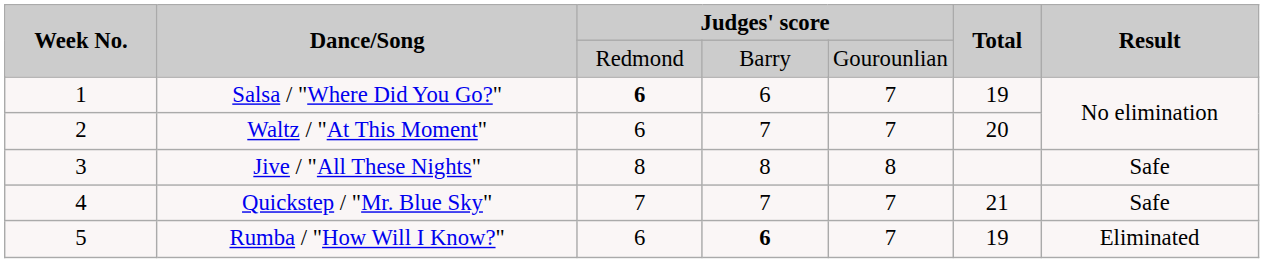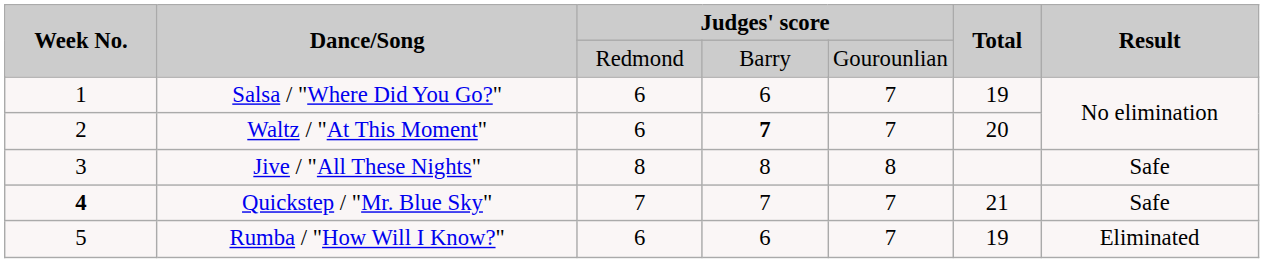 <table class="wikitable collapsible">
 <tr>
 <th rowspan="2" style="background:#ccc; text-align:Center;"><strong>Week No.</strong></th>
 <th rowspan="2" style="background:#ccc; text-align:Center;"><strong>Dance/Song</strong></th>
 <th colspan="3" style="background:#ccc; text-align:Center;"><strong>Judges' score</strong></th>
 <th rowspan="2" style="background:#ccc; text-align:Center;"><strong>Total</strong></th>
 <th rowspan="2" style="background:#ccc; text-align:Center;"><strong>Result</strong></th>
 </tr>
 <tr style="text-align:center; background:#ccc;">
 <td style="width:10%; ">Redmond</td>
 <td style="width:10%; ">Barry</td>
 <td style="width:10%; ">Gourounlian</td>
 </tr>
 <tr style="text-align:center; background:#faf6f6;">
 <td>1</td>
 <td><a href='#'>Salsa</a> / "<a href='#'>Where Did You Go?</a>"</td>
-<td><strong>6</strong></td>
+<td>6</td>
 <td>6</td>
 <td>7</td>
 <td>19</td>
 <td rowspan="2">No elimination</td>
 </tr>
 <tr style="text-align:center; background:#faf6f6;">
 <td>2</td>
 <td><a href='#'>Waltz</a> / "<a href='#'>At This Moment</a>"</td>
 <td>6</td>
-<td>7</td>
+<td><strong>7</strong></td>
 <td>7</td>
 <td>20</td>
 </tr>
 <tr style="text-align:center; background:#faf6f6;">
 <td>3</td>
 <td><a href='#'>Jive</a> / "<a href='#'>All These Nights</a>"</td>
 <td>8</td>
 <td>8</td>
 <td>8</td>
 <td></td>
 <td>Safe</td>
 </tr>
 <tr style="text-align:center; background:#faf6f6;">
-<td>4</td>
+<td><strong>4</strong></td>
 <td><a href='#'>Quickstep</a> / "<a href='#'>Mr. Blue Sky</a>"</td>
 <td>7</td>
 <td>7</td>
 <td>7</td>
 <td>21</td>
 <td>Safe</td>
 </tr>
 <tr style="text-align:center; background:#faf6f6;">
 <td>5</td>
 <td><a href='#'>Rumba</a> / "<a href='#'>How Will I Know?</a>"</td>
 <td>6</td>
-<td><strong>6</strong></td>
+<td>6</td>
 <td>7</td>
 <td>19</td>
 <td>Eliminated</td>
 </tr>
 </table>
